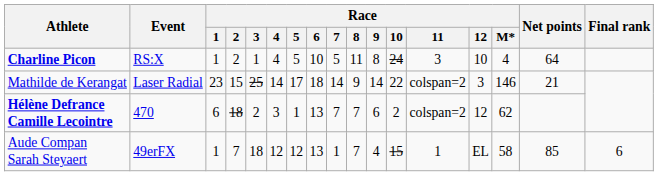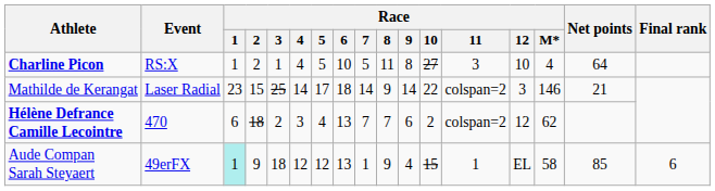 <table class="wikitable" style="font-size:90%">
 <tr>
 <th rowspan="2">Athlete</th>
 <th rowspan="2">Event</th>
 <th colspan=13>Race</th>
 <th rowspan=2>Net points</th>
 <th rowspan=2>Final rank</th>
 </tr>
 <tr style="font-size:95%">
 <th>1</th>
 <th>2</th>
 <th>3</th>
 <th>4</th>
 <th>5</th>
 <th>6</th>
 <th>7</th>
 <th>8</th>
 <th>9</th>
 <th>10</th>
 <th>11</th>
 <th>12</th>
 <th>M*</th>
 </tr>
 <tr align=center>
 <td align=left><strong><a href='#'>Charline Picon</a></strong></td>
 <td align=left><a href='#'>RS:X</a></td>
 <td>1</td>
 <td>2</td>
 <td>1</td>
 <td>4</td>
 <td>5</td>
 <td>10</td>
 <td>5</td>
 <td>11</td>
 <td>8</td>
-<td><s>24</s></td>
+<td><s>27</s></td>
 <td>3</td>
 <td>10</td>
 <td>4</td>
 <td>64</td>
 <td></td>
 </tr>
 <tr align=center>
 <td align=left><a href='#'>Mathilde de Kerangat</a></td>
 <td align=left><a href='#'>Laser Radial</a></td>
 <td>23</td>
 <td>15</td>
 <td><s>25</s></td>
 <td>14</td>
 <td>17</td>
 <td>18</td>
 <td>14</td>
 <td>9</td>
 <td>14</td>
 <td>22</td>
 <td>colspan=2 </td>
 <td>3</td>
 <td>146</td>
 <td>21</td>
 </tr>
 <tr align=center>
 <td align=left><strong><a href='#'>Hélène Defrance</a><br><a href='#'>Camille Lecointre</a></strong></td>
 <td align=left><a href='#'>470</a></td>
 <td>6</td>
 <td><s>18</s></td>
 <td>2</td>
 <td>3</td>
-<td>1</td>
+<td>4</td>
 <td>13</td>
 <td>7</td>
 <td>7</td>
 <td>6</td>
 <td>2</td>
 <td>colspan=2 </td>
 <td>12</td>
 <td>62</td>
 <td></td>
 </tr>
 <tr align=center>
 <td align=left><a href='#'>Aude Compan</a><br><a href='#'>Sarah Steyaert</a></td>
 <td align=left><a href='#'>49erFX</a></td>
-<td>1</td>
-<td>7</td>
+<td style="background: paleturquoise;">1</td>
+<td>9</td>
 <td>18</td>
 <td>12</td>
 <td>12</td>
 <td>13</td>
 <td>1</td>
-<td>7</td>
+<td>9</td>
 <td>4</td>
 <td><s>15</s></td>
 <td>1</td>
 <td>EL</td>
 <td>58</td>
 <td>85</td>
 <td>6</td>
 </tr>
 </table>
